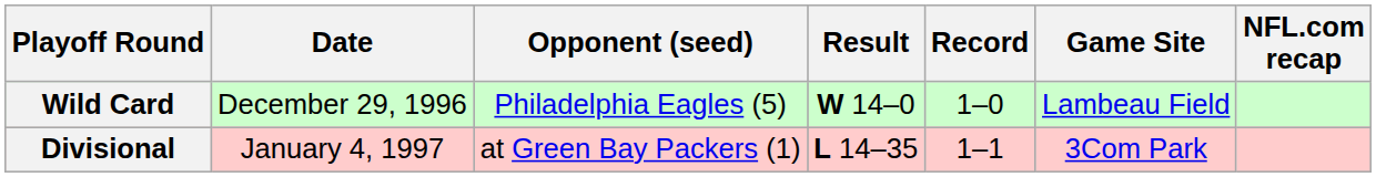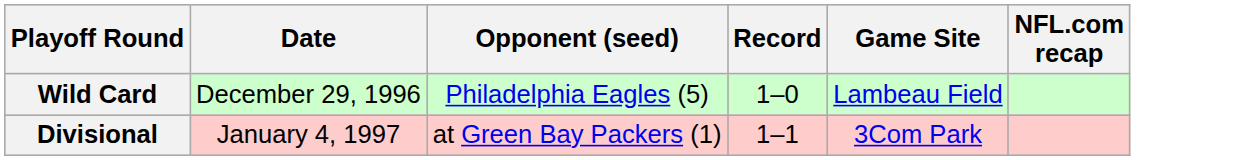 <table class="wikitable" style="text-align:center;">
 <tr>
 <th>Playoff Round</th>
 <th>Date</th>
 <th>Opponent (seed)</th>
-<th>Result</th>
 <th>Record</th>
 <th>Game Site</th>
 <th>NFL.com<br>recap</th>
 </tr>
 <tr style="background:#cfc">
 <th>Wild Card</th>
 <td>December 29, 1996</td>
 <td><a href='#'>Philadelphia Eagles</a> (5)</td>
-<td><strong>W</strong> 14–0</td>
 <td>1–0</td>
 <td><a href='#'>Lambeau Field</a></td>
 <td></td>
 </tr>
 <tr style="background:#fcc">
 <th>Divisional</th>
 <td>January 4, 1997</td>
 <td>at <a href='#'>Green Bay Packers</a> (1)</td>
-<td><strong>L</strong> 14–35</td>
 <td>1–1</td>
 <td><a href='#'>3Com Park</a></td>
 <td></td>
 </tr>
 </table>
